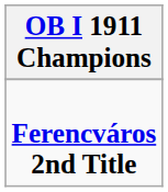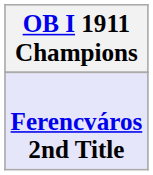 <table class="wikitable" style="text-align: center; margin: 0 auto;">
 <tr>
 <th><a href='#'>OB I</a> 1911<br>Champions</th>
 </tr>
 <tr>
 </tr>
 <tr>
-<td> <br><strong><a href='#'>Ferencváros</a></strong><br><strong>2nd Title</strong></td>
+<td style="background: lavender;"> <br><strong><a href='#'>Ferencváros</a></strong><br><strong>2nd Title</strong></td>
 </tr>
 </table>
